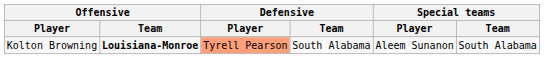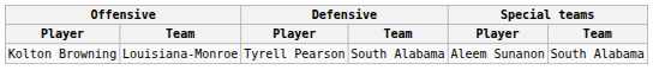 <table class="wikitable">
 <tr>
 <th colspan="2">Offensive</th>
 <th colspan="2">Defensive</th>
 <th colspan="2">Special teams</th>
 </tr>
 <tr>
 <th>Player</th>
 <th>Team</th>
 <th>Player</th>
 <th>Team</th>
 <th>Player</th>
 <th>Team</th>
 </tr>
 <tr>
 <td>Kolton Browning</td>
-<td><strong>Louisiana-Monroe</strong></td>
-<td style="background: lightsalmon;">Tyrell Pearson</td>
+<td>Louisiana-Monroe</td>
+<td>Tyrell Pearson</td>
 <td>South Alabama</td>
 <td>Aleem Sunanon</td>
 <td>South Alabama</td>
 </tr>
 </table>
